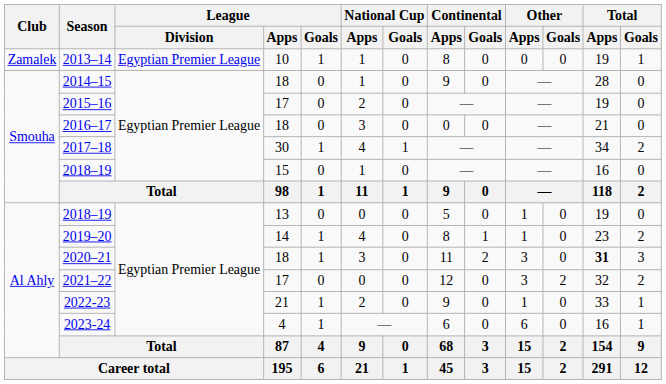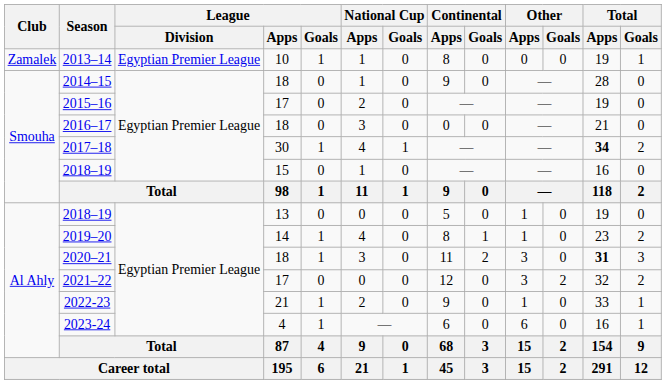 <table class=wikitable style=text-align:center>
 <tr>
 <th rowspan=2>Club</th>
 <th rowspan=2>Season</th>
 <th colspan=3>League</th>
 <th colspan=2>National Cup</th>
 <th colspan=2>Continental</th>
 <th colspan=2>Other</th>
 <th colspan=2>Total</th>
 </tr>
 <tr>
 <th>Division</th>
 <th>Apps</th>
 <th>Goals</th>
 <th>Apps</th>
 <th>Goals</th>
 <th>Apps</th>
 <th>Goals</th>
 <th>Apps</th>
 <th>Goals</th>
 <th>Apps</th>
 <th>Goals</th>
 </tr>
 <tr>
 <td><a href='#'>Zamalek</a></td>
 <td><a href='#'>2013–14</a></td>
 <td><a href='#'>Egyptian Premier League</a></td>
 <td>10</td>
 <td>1</td>
 <td>1</td>
 <td>0</td>
 <td>8</td>
 <td>0</td>
 <td>0</td>
 <td>0</td>
 <td>19</td>
 <td>1</td>
 </tr>
 <tr>
 <td rowspan="6"><a href='#'>Smouha</a></td>
 <td><a href='#'>2014–15</a></td>
 <td rowspan="5">Egyptian Premier League</td>
 <td>18</td>
 <td>0</td>
 <td>1</td>
 <td>0</td>
 <td>9</td>
 <td>0</td>
 <td colspan="2">—</td>
 <td>28</td>
 <td>0</td>
 </tr>
 <tr>
 <td><a href='#'>2015–16</a></td>
 <td>17</td>
 <td>0</td>
 <td>2</td>
 <td>0</td>
 <td colspan="2">—</td>
 <td colspan="2">—</td>
 <td>19</td>
 <td>0</td>
 </tr>
 <tr>
 <td><a href='#'>2016–17</a></td>
 <td>18</td>
 <td>0</td>
 <td>3</td>
 <td>0</td>
 <td>0</td>
 <td>0</td>
 <td colspan="2">—</td>
 <td>21</td>
 <td>0</td>
 </tr>
 <tr>
 <td><a href='#'>2017–18</a></td>
 <td>30</td>
 <td>1</td>
 <td>4</td>
 <td>1</td>
 <td colspan="2">—</td>
 <td colspan="2">—</td>
-<td>34</td>
+<td><strong>34</strong></td>
 <td>2</td>
 </tr>
 <tr>
 <td><a href='#'>2018–19</a></td>
 <td>15</td>
 <td>0</td>
 <td>1</td>
 <td>0</td>
 <td colspan="2">—</td>
 <td colspan="2">—</td>
 <td>16</td>
 <td>0</td>
 </tr>
 <tr>
 <th colspan="2">Total</th>
 <th>98</th>
 <th>1</th>
 <th>11</th>
 <th>1</th>
 <th>9</th>
 <th>0</th>
 <th colspan="2">—</th>
 <th>118</th>
 <th>2</th>
 </tr>
 <tr>
 <td rowspan="7"><a href='#'>Al Ahly</a></td>
 <td><a href='#'>2018–19</a></td>
 <td rowspan="6">Egyptian Premier League</td>
 <td>13</td>
 <td>0</td>
 <td>0</td>
 <td>0</td>
 <td>5</td>
 <td>0</td>
 <td>1</td>
 <td>0</td>
 <td>19</td>
 <td>0</td>
 </tr>
 <tr>
 <td><a href='#'>2019–20</a></td>
 <td>14</td>
 <td>1</td>
 <td>4</td>
 <td>0</td>
 <td>8</td>
 <td>1</td>
 <td>1</td>
 <td>0</td>
 <td>23</td>
 <td>2</td>
 </tr>
 <tr>
 <td><a href='#'>2020–21</a></td>
 <td>18</td>
 <td>1</td>
 <td>3</td>
 <td>0</td>
 <td>11</td>
 <td>2</td>
 <td>3</td>
 <td>0</td>
 <td><strong>31</strong></td>
 <td>3</td>
 </tr>
 <tr>
 <td><a href='#'>2021–22</a></td>
 <td>17</td>
 <td>0</td>
 <td>0</td>
 <td>0</td>
 <td>12</td>
 <td>0</td>
 <td>3</td>
 <td>2</td>
 <td>32</td>
 <td>2</td>
 </tr>
 <tr>
 <td><a href='#'>2022-23</a></td>
 <td>21</td>
 <td>1</td>
 <td>2</td>
 <td>0</td>
 <td>9</td>
 <td>0</td>
 <td>1</td>
 <td>0</td>
 <td>33</td>
 <td>1</td>
 </tr>
 <tr>
 <td><a href='#'>2023-24</a></td>
 <td>4</td>
 <td>1</td>
 <td colspan="2">—</td>
 <td>6</td>
 <td>0</td>
 <td>6</td>
 <td>0</td>
 <td>16</td>
 <td>1</td>
 </tr>
 <tr>
 <th colspan="2">Total</th>
 <th>87</th>
 <th>4</th>
 <th>9</th>
 <th>0</th>
 <th>68</th>
 <th>3</th>
 <th>15</th>
 <th>2</th>
 <th>154</th>
 <th>9</th>
 </tr>
 <tr>
 <th colspan="3">Career total</th>
 <th>195</th>
 <th>6</th>
 <th>21</th>
 <th>1</th>
 <th>45</th>
 <th>3</th>
 <th>15</th>
 <th>2</th>
 <th>291</th>
 <th>12</th>
 </tr>
 </table>
